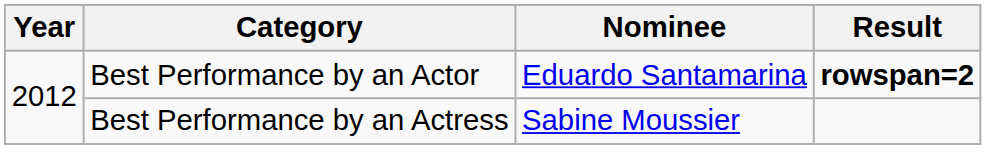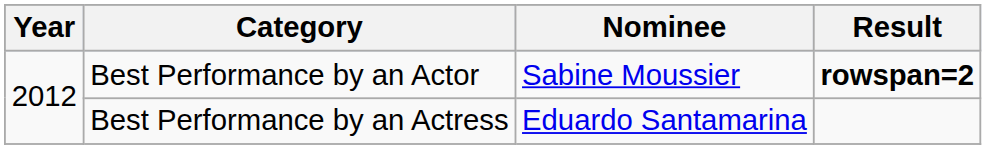 <table class="wikitable">
 <tr style="background:#b0c4de;">
 <th>Year</th>
 <th>Category</th>
 <th>Nominee</th>
 <th>Result</th>
 </tr>
 <tr>
 <td rowspan=2>2012</td>
 <td>Best Performance by an Actor</td>
-<td><a href='#'>Eduardo Santamarina</a></td>
+<td><a href='#'>Sabine Moussier</a></td>
 <td><strong>rowspan=2 </strong></td>
 </tr>
 <tr>
 <td>Best Performance by an Actress</td>
-<td><a href='#'>Sabine Moussier</a></td>
+<td><a href='#'>Eduardo Santamarina</a></td>
 </tr>
 </table>
